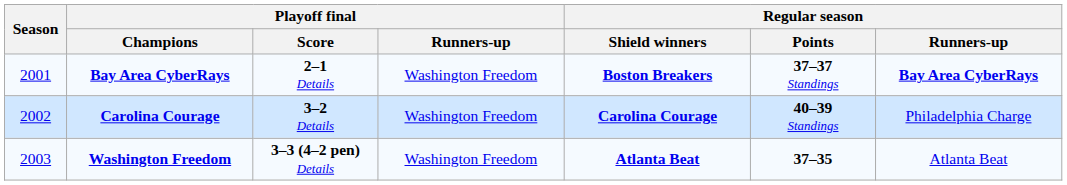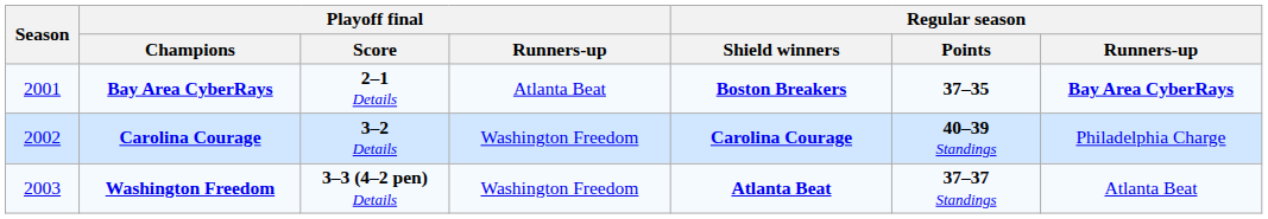 <table class="wikitable" style="text-align: center;">
 <tr>
 <th rowspan=2 width=5%>Season</th>
 <th colspan=3>Playoff final</th>
 <th colspan=3>Regular season</th>
 </tr>
 <tr>
 <th width=15%>Champions</th>
 <th width=10%>Score</th>
 <th width=15%>Runners-up</th>
 <th width=15%>Shield winners</th>
 <th width=10%>Points</th>
 <th width=15%>Runners-up</th>
 </tr>
 <tr bgcolor=#f5faff>
 <td><a href='#'>2001</a></td>
 <td><strong><a href='#'>Bay Area CyberRays</a></strong></td>
 <td><strong>2–1</strong><br><small><em><a href='#'>Details</a></em></small></td>
-<td><a href='#'>Washington Freedom</a></td>
+<td><a href='#'>Atlanta Beat</a></td>
 <td><strong><a href='#'>Boston Breakers</a></strong></td>
-<td><strong>37–37</strong><br><small><em><a href='#'>Standings</a></em></small></td>
+<td><strong>37–35</strong></td>
 <td><strong><a href='#'>Bay Area CyberRays</a></strong></td>
 </tr>
 <tr bgcolor=#d0e7ff>
 <td><a href='#'>2002</a></td>
 <td><strong><a href='#'>Carolina Courage</a></strong></td>
 <td><strong>3–2</strong><br><small><em><a href='#'>Details</a></em></small></td>
 <td><a href='#'>Washington Freedom</a></td>
 <td><strong><a href='#'>Carolina Courage</a></strong></td>
 <td><strong>40–39</strong><br><small><em><a href='#'>Standings</a></em></small></td>
 <td><a href='#'>Philadelphia Charge</a></td>
 </tr>
 <tr bgcolor=#f5faff>
 <td><a href='#'>2003</a></td>
 <td><strong><a href='#'>Washington Freedom</a></strong></td>
 <td><strong>3–3 (4–2 pen)</strong><br><small><em><a href='#'>Details</a></em></small></td>
 <td><a href='#'>Washington Freedom</a></td>
 <td><strong><a href='#'>Atlanta Beat</a></strong></td>
-<td><strong>37–35</strong></td>
+<td><strong>37–37</strong><br><small><em><a href='#'>Standings</a></em></small></td>
 <td><a href='#'>Atlanta Beat</a></td>
 </tr>
 </table>
